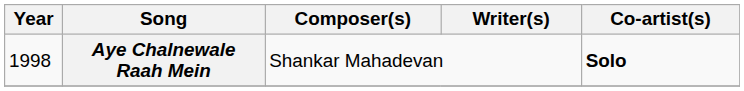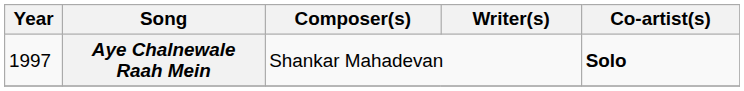 <table class="wikitable plainrowheaders" width="100%" textcolor:#000;">
 <tr style="background:#b0e0e66;">
 <th scope="col" width=5%><strong>Year</strong></th>
 <th scope="col" width=23%><strong>Song</strong></th>
 <th scope="col" width=20%><strong>Composer(s)</strong></th>
 <th scope="col" width=16%><strong>Writer(s)</strong></th>
 <th scope="col" width=18%><strong>Co-artist(s)</strong></th>
 </tr>
 <tr>
-<td>1998</td>
+<td>1997</td>
 <th><em>Aye Chalnewale Raah Mein </em></th>
 <td colspan="2">Shankar Mahadevan</td>
 <td><strong>Solo</strong></td>
 </tr>
 <tr>
 </tr>
 </table>
